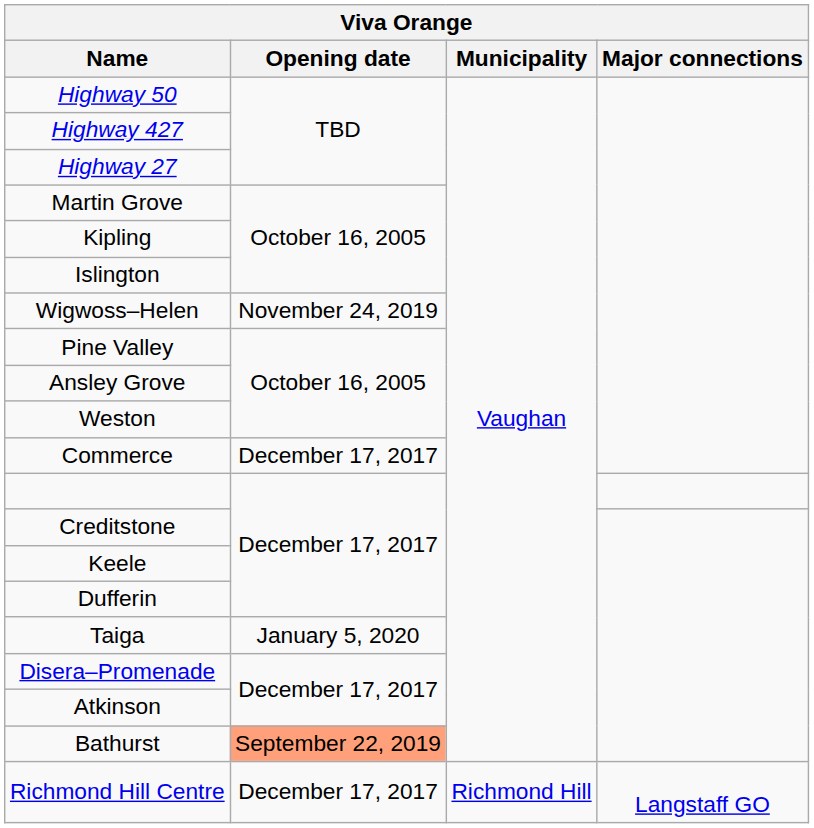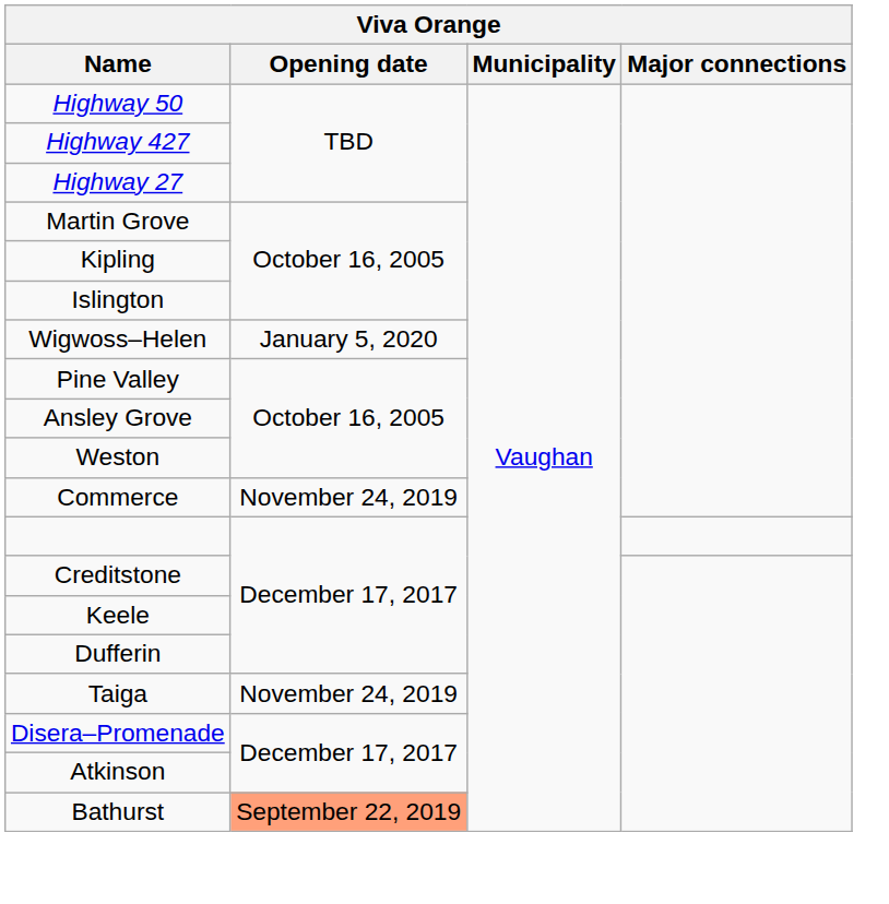 <table class="wikitable" style="text-align:center">
 <tr>
 <th colspan="4" style="background:#">Viva Orange</th>
 </tr>
 <tr>
 <th>Name</th>
 <th>Opening date</th>
 <th>Municipality</th>
 <th>Major connections</th>
 </tr>
 <tr>
 <td><em><a href='#'>Highway 50</a></em></td>
 <td rowspan="3">TBD</td>
 <td rowspan="19"><a href='#'>Vaughan</a></td>
 <td rowspan="11"> </td>
 </tr>
 <tr>
 <td><em><a href='#'>Highway 427</a></em></td>
 </tr>
 <tr>
 <td><em><a href='#'>Highway 27</a></em></td>
 </tr>
 <tr>
 <td>Martin Grove</td>
 <td rowspan="3">October 16, 2005</td>
 </tr>
 <tr>
 <td>Kipling</td>
 </tr>
 <tr>
 <td>Islington</td>
 </tr>
 <tr>
 <td>Wigwoss–Helen</td>
-<td>November 24, 2019</td>
+<td>January 5, 2020</td>
 </tr>
 <tr>
 <td>Pine Valley</td>
 <td rowspan="3">October 16, 2005</td>
 </tr>
 <tr>
 <td>Ansley Grove</td>
 </tr>
 <tr>
 <td>Weston</td>
 </tr>
 <tr>
 <td>Commerce</td>
-<td>December 17, 2017</td>
+<td>November 24, 2019</td>
 </tr>
 <tr>
 <td></td>
 <td rowspan="4">December 17, 2017</td>
 <td> <br></td>
 </tr>
 <tr>
 <td>Creditstone</td>
 <td rowspan="7"></td>
 </tr>
 <tr>
 <td>Keele</td>
 </tr>
 <tr>
 <td>Dufferin</td>
 </tr>
 <tr>
 <td>Taiga</td>
-<td>January 5, 2020</td>
+<td>November 24, 2019</td>
 </tr>
 <tr>
 <td><a href='#'>Disera–Promenade</a></td>
 <td rowspan="2">December 17, 2017</td>
 </tr>
 <tr>
 <td>Atkinson</td>
 </tr>
 <tr>
 <td>Bathurst</td>
 <td style="background: lightsalmon;">September 22, 2019</td>
 </tr>
-<tr>
-<td><a href='#'>Richmond Hill Centre</a></td>
-<td>December 17, 2017</td>
-<td><a href='#'>Richmond Hill</a></td>
-<td> <br> <a href='#'>Langstaff GO</a></td>
-</tr>
 </table>
